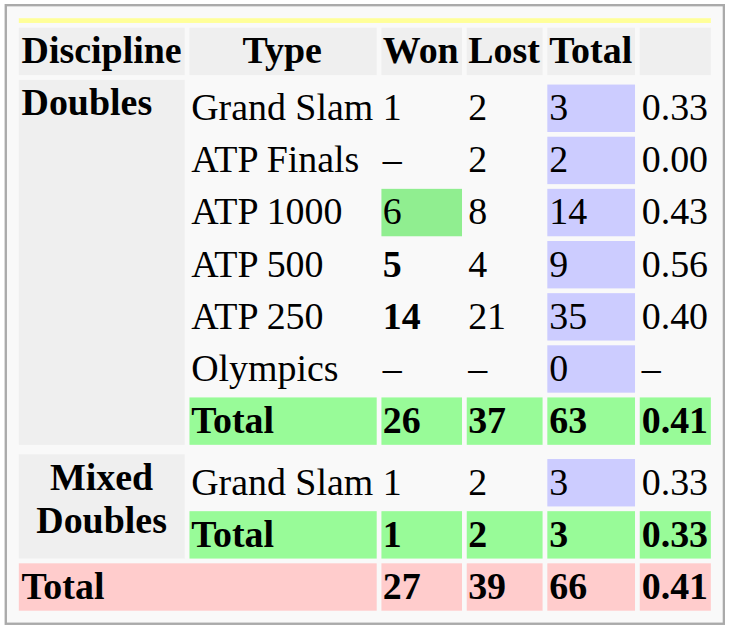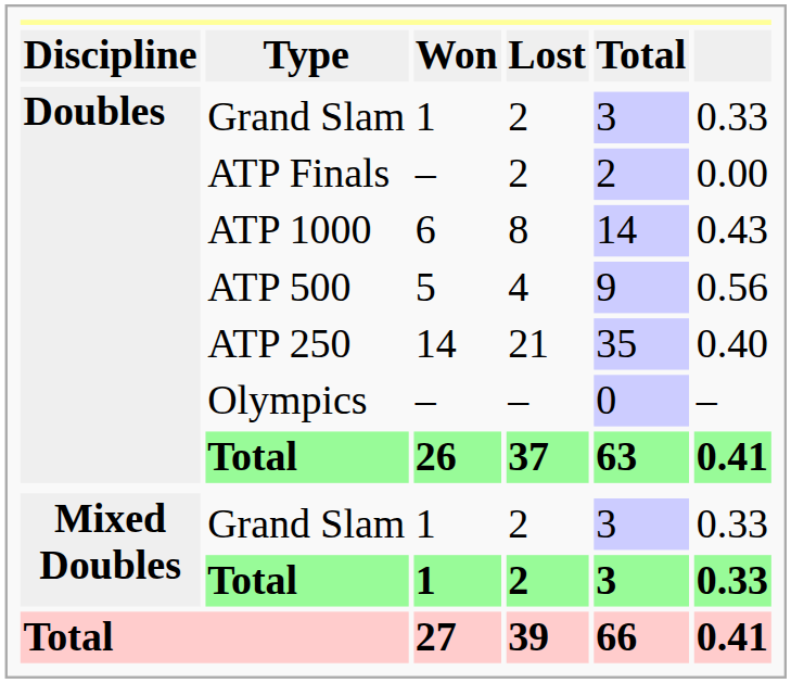 <table class="infobox vcard vevent nowrap">
 <tr bgcolor=FFFF99>
 <th colspan=6></th>
 </tr>
 <tr bgcolor=efefef>
 <th>Discipline</th>
 <th>Type</th>
 <th>Won</th>
 <th>Lost</th>
 <th>Total</th>
 <th></th>
 </tr>
 <tr bgcolor=efefef>
 <td rowspan="8"><strong>Doubles</strong></td>
 </tr>
 <tr>
 <td>Grand Slam</td>
 <td>1</td>
 <td>2</td>
 <td bgcolor=CCCCFF>3</td>
 <td>0.33</td>
 </tr>
 <tr>
 <td>ATP Finals</td>
 <td>–</td>
 <td>2</td>
 <td bgcolor=CCCCFF>2</td>
 <td>0.00</td>
 </tr>
 <tr>
 <td>ATP 1000</td>
-<td style="background: lightgreen;">6</td>
+<td>6</td>
 <td>8</td>
 <td bgcolor=CCCCFF>14</td>
 <td>0.43</td>
 </tr>
 <tr>
 <td>ATP 500</td>
-<td><strong>5</strong></td>
+<td>5</td>
 <td>4</td>
 <td bgcolor=CCCCFF>9</td>
 <td>0.56</td>
 </tr>
 <tr>
 <td>ATP 250</td>
-<td><strong>14</strong></td>
+<td>14</td>
 <td>21</td>
 <td bgcolor=CCCCFF>35</td>
 <td>0.40</td>
 </tr>
 <tr>
 <td>Olympics</td>
 <td>–</td>
 <td>–</td>
 <td bgcolor=CCCCFF>0</td>
 <td>–</td>
 </tr>
 <tr bgcolor=98fb98>
 <td><strong>Total</strong></td>
 <td><strong>26</strong></td>
 <td><strong>37</strong></td>
 <td><strong>63</strong></td>
 <td><strong>0.41</strong></td>
 </tr>
 <tr>
 </tr>
 <tr bgcolor=efefef>
 <th rowspan="3">Mixed<br>Doubles</th>
 </tr>
 <tr>
 <td>Grand Slam</td>
 <td>1</td>
 <td>2</td>
 <td bgcolor=CCCCFF>3</td>
 <td>0.33</td>
 </tr>
 <tr bgcolor=98FB98>
 <td><strong>Total</strong></td>
 <td><strong>1</strong></td>
 <td><strong>2</strong></td>
 <td><strong>3</strong></td>
 <td><strong>0.33</strong></td>
 </tr>
 <tr bgcolor=FFCCCC>
 <td colspan=2><strong>Total</strong></td>
 <td><strong>27</strong></td>
 <td><strong>39</strong></td>
 <td><strong>66</strong></td>
 <td><strong>0.41</strong></td>
 </tr>
 </table>
